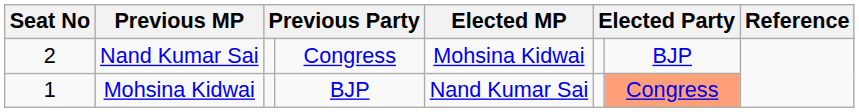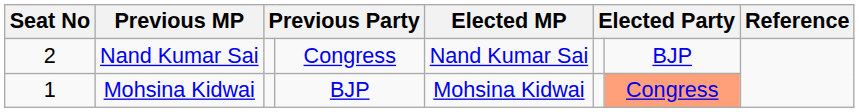 <table class="wikitable">
 <tr>
 <th>Seat No</th>
 <th>Previous MP</th>
 <th colspan=2>Previous Party</th>
 <th>Elected MP</th>
 <th colspan=2>Elected Party</th>
 <th>Reference</th>
 </tr>
 <tr style="text-align:center;">
 <td>2</td>
 <td><a href='#'>Nand Kumar Sai</a></td>
 <td width="1px"></td>
 <td><a href='#'>Congress</a></td>
-<td><a href='#'>Mohsina Kidwai</a></td>
+<td><a href='#'>Nand Kumar Sai</a></td>
 <td width="1px"></td>
 <td><a href='#'>BJP</a></td>
 <td rowspan=2></td>
 </tr>
 <tr style="text-align:center;">
 <td>1</td>
 <td><a href='#'>Mohsina Kidwai</a></td>
 <td width="1px"></td>
 <td><a href='#'>BJP</a></td>
-<td><a href='#'>Nand Kumar Sai</a></td>
+<td><a href='#'>Mohsina Kidwai</a></td>
 <td width="1px"></td>
 <td style="background: lightsalmon;"><a href='#'>Congress</a></td>
 </tr>
 </table>
